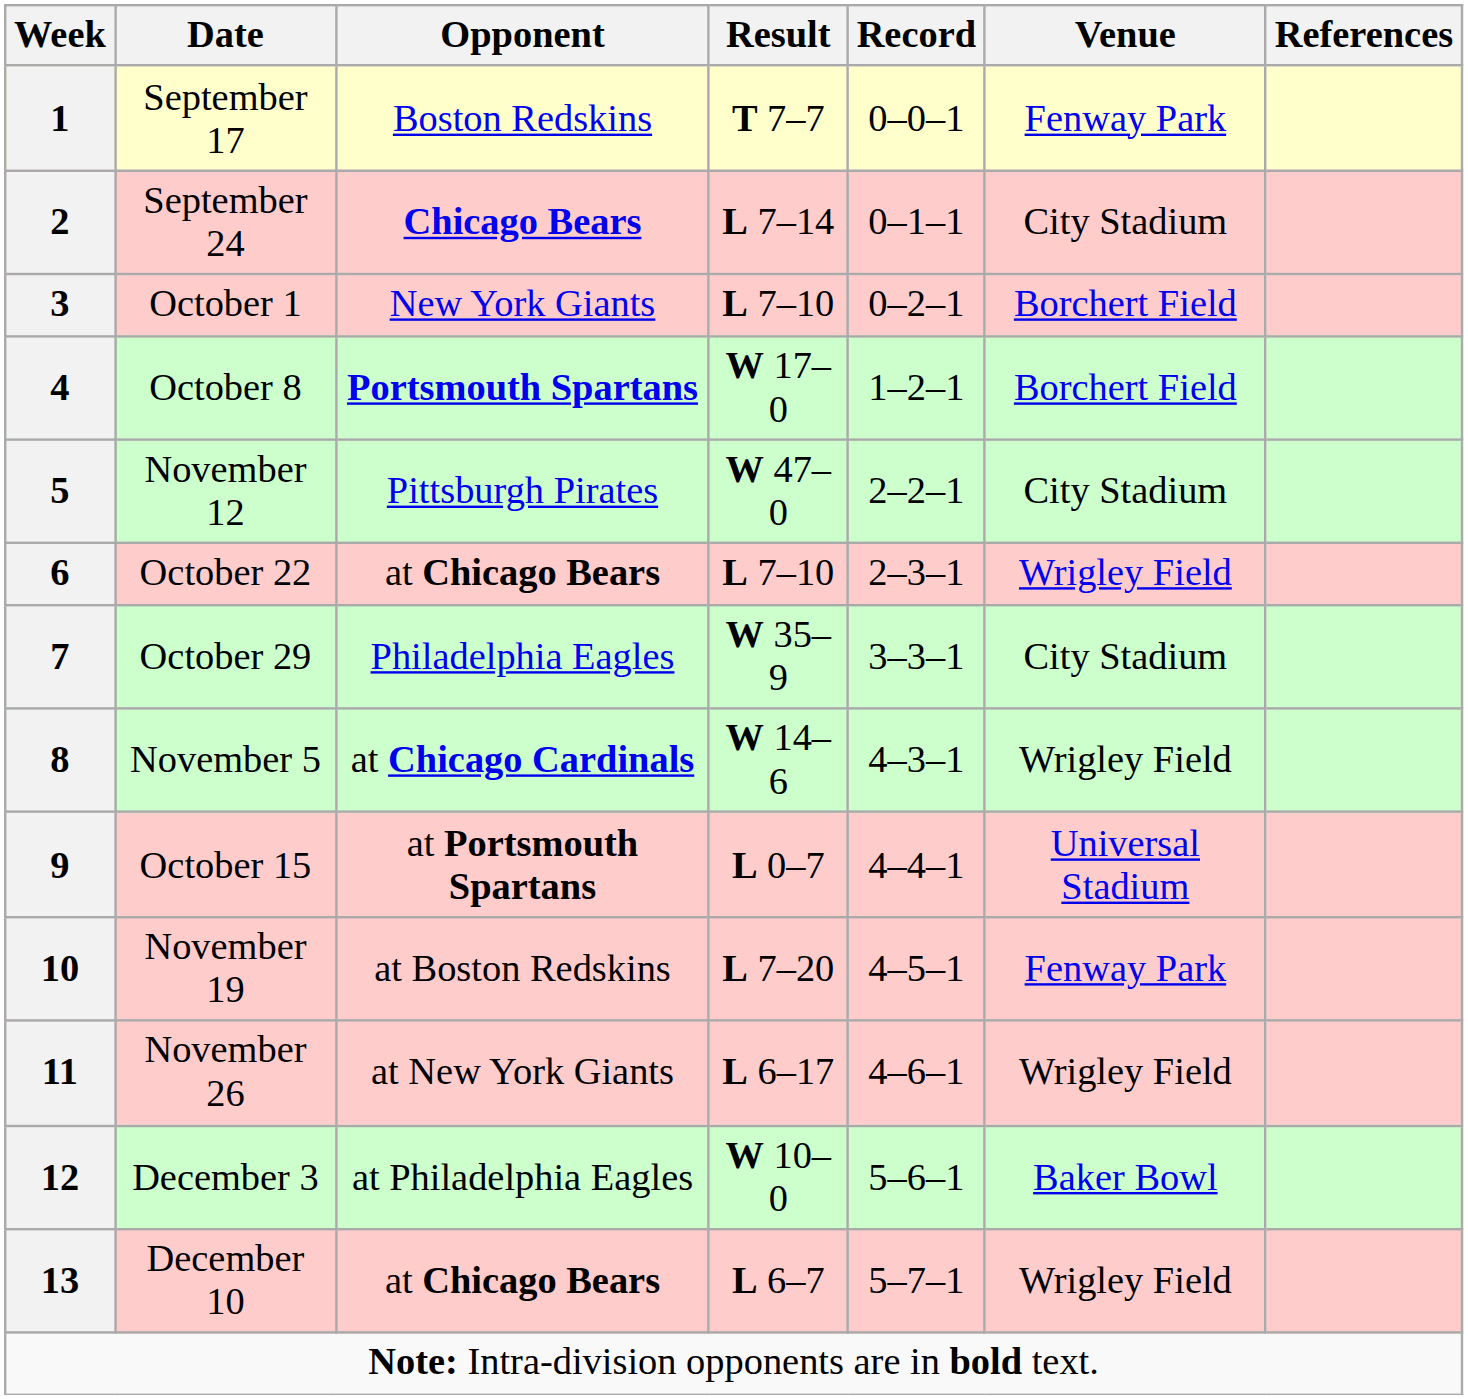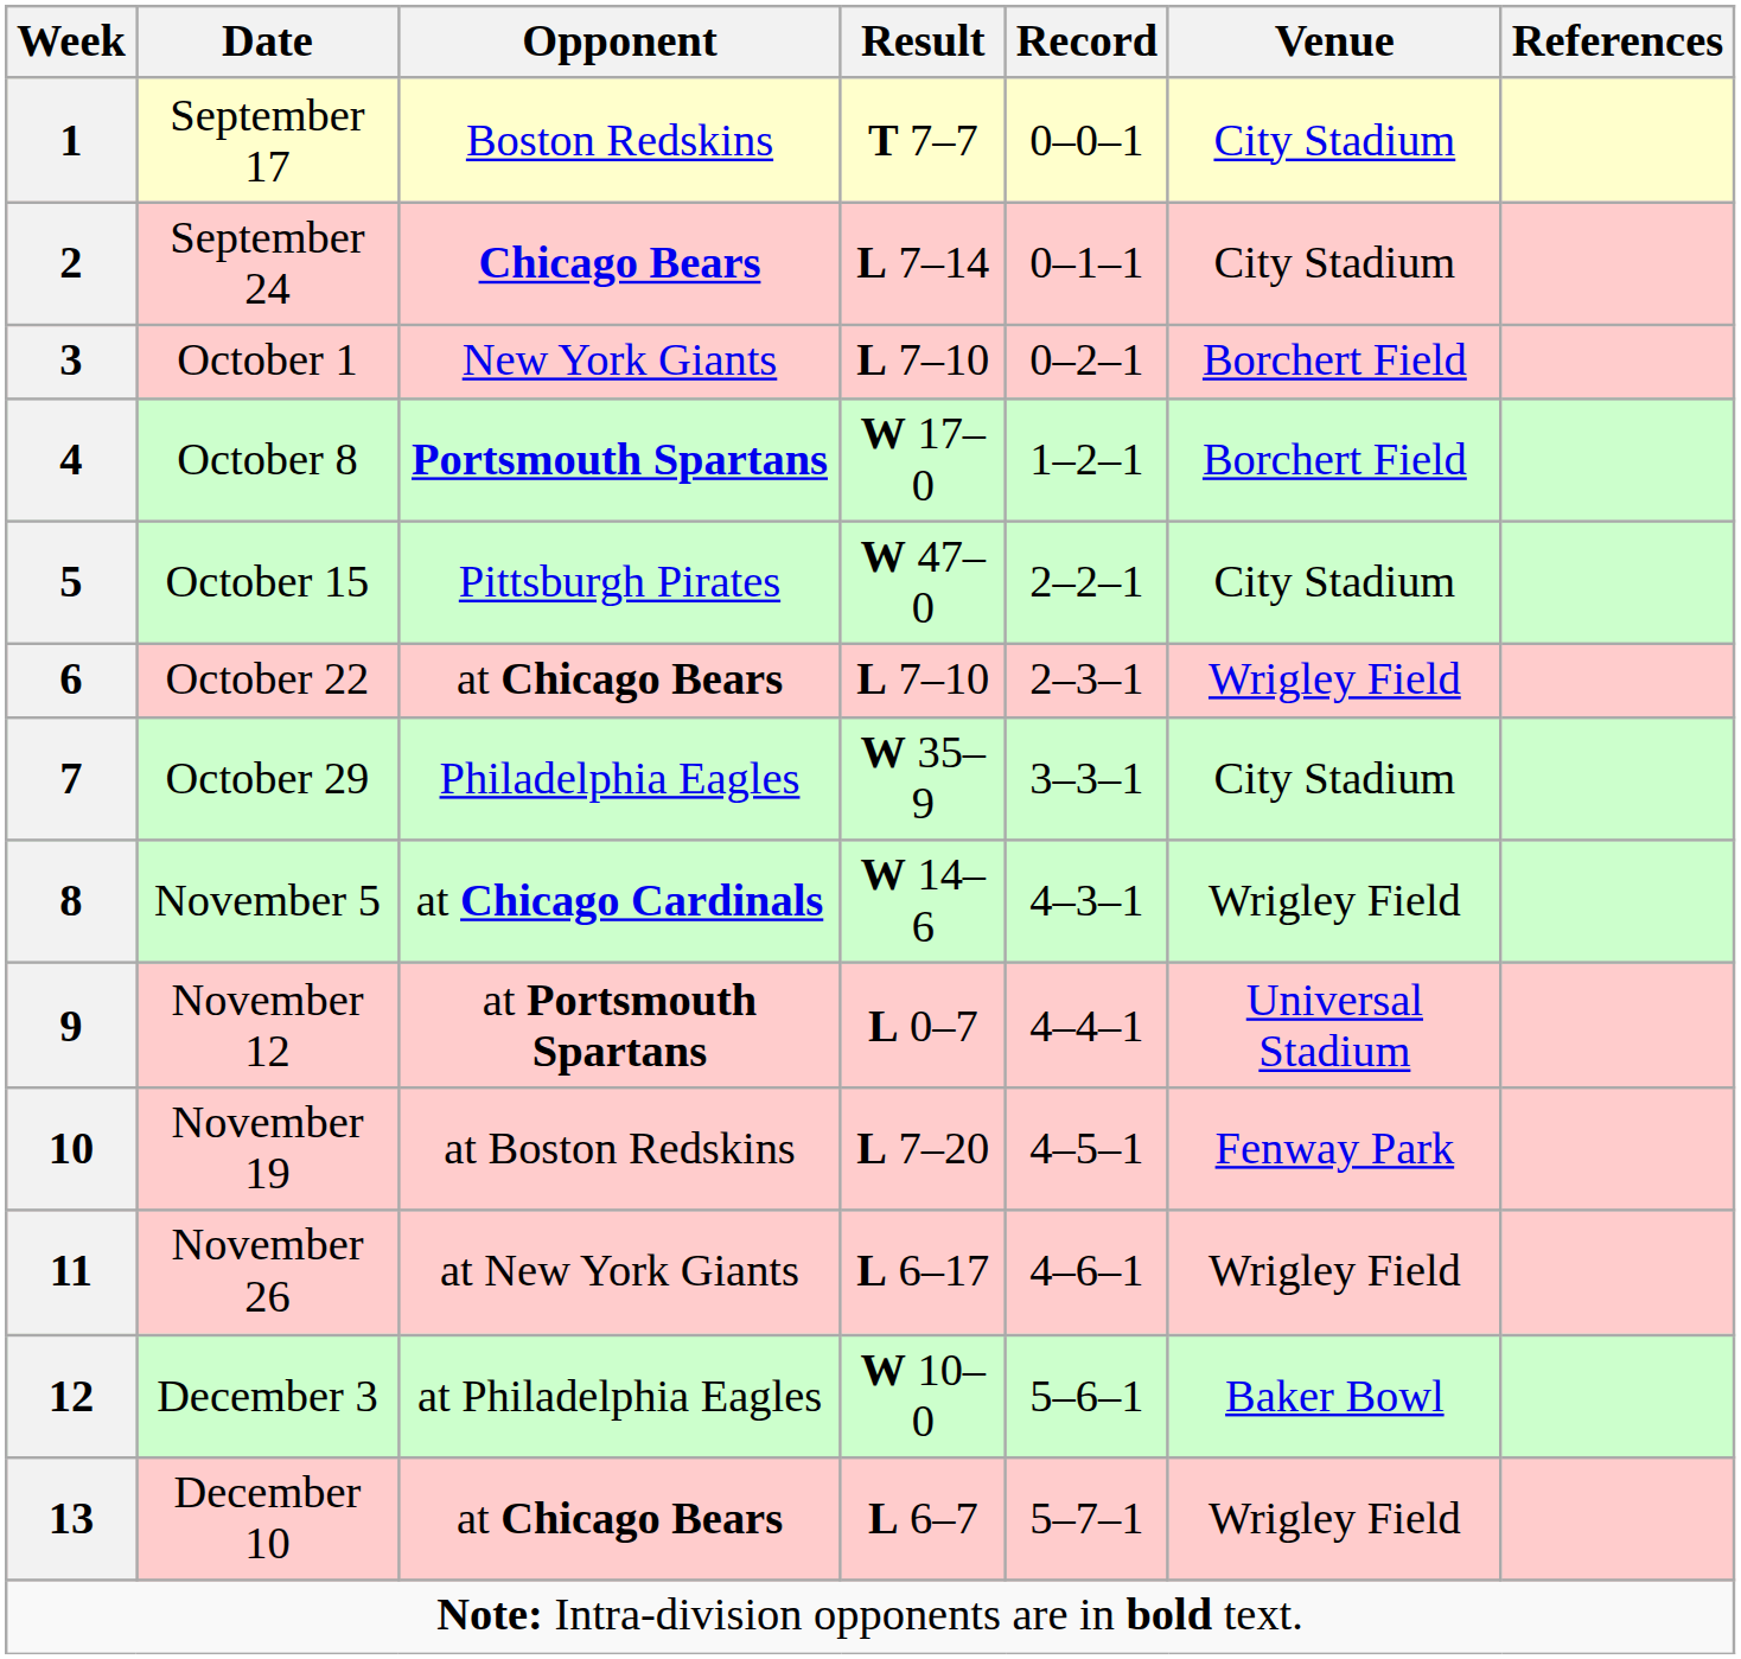 <table class="wikitable" style="text-align:center">
 <tr>
 <th>Week</th>
 <th>Date</th>
 <th>Opponent</th>
 <th>Result</th>
 <th>Record</th>
 <th>Venue</th>
 <th>References</th>
 </tr>
 <tr style="background:#ffc">
 <th>1</th>
 <td>September 17</td>
 <td><a href='#'>Boston Redskins</a></td>
 <td><strong>T</strong> 7–7</td>
 <td>0–0–1</td>
-<td><a href='#'>Fenway Park</a></td>
+<td><a href='#'>City Stadium</a></td>
 <td></td>
 </tr>
 <tr style="background:#fcc">
 <th>2</th>
 <td>September 24</td>
 <td><strong><a href='#'>Chicago Bears</a></strong></td>
 <td><strong>L</strong> 7–14</td>
 <td>0–1–1</td>
 <td>City Stadium</td>
 <td></td>
 </tr>
 <tr style="background:#fcc">
 <th>3</th>
 <td>October 1</td>
 <td><a href='#'>New York Giants</a></td>
 <td><strong>L</strong> 7–10</td>
 <td>0–2–1</td>
 <td><a href='#'>Borchert Field</a></td>
 <td></td>
 </tr>
 <tr style="background:#cfc">
 <th>4</th>
 <td>October 8</td>
 <td><strong><a href='#'>Portsmouth Spartans</a></strong></td>
 <td><strong>W</strong> 17–0</td>
 <td>1–2–1</td>
 <td><a href='#'>Borchert Field</a></td>
 <td></td>
 </tr>
 <tr style="background:#cfc">
 <th>5</th>
-<td>November 12</td>
+<td>October 15</td>
 <td><a href='#'>Pittsburgh Pirates</a></td>
 <td><strong>W</strong> 47–0</td>
 <td>2–2–1</td>
 <td>City Stadium</td>
 <td></td>
 </tr>
 <tr style="background:#fcc">
 <th>6</th>
 <td>October 22</td>
 <td>at <strong>Chicago Bears</strong></td>
 <td><strong>L</strong> 7–10</td>
 <td>2–3–1</td>
 <td><a href='#'>Wrigley Field</a></td>
 <td></td>
 </tr>
 <tr style="background:#cfc">
 <th>7</th>
 <td>October 29</td>
 <td><a href='#'>Philadelphia Eagles</a></td>
 <td><strong>W</strong> 35–9</td>
 <td>3–3–1</td>
 <td>City Stadium</td>
 <td></td>
 </tr>
 <tr style="background:#cfc">
 <th>8</th>
 <td>November 5</td>
 <td>at <strong><a href='#'>Chicago Cardinals</a></strong></td>
 <td><strong>W</strong> 14–6</td>
 <td>4–3–1</td>
 <td>Wrigley Field</td>
 <td></td>
 </tr>
 <tr style="background:#fcc">
 <th>9</th>
-<td>October 15</td>
+<td>November 12</td>
 <td>at <strong>Portsmouth Spartans</strong></td>
 <td><strong>L</strong> 0–7</td>
 <td>4–4–1</td>
 <td><a href='#'>Universal Stadium</a></td>
 <td></td>
 </tr>
 <tr style="background:#fcc">
 <th>10</th>
 <td>November 19</td>
 <td>at Boston Redskins</td>
 <td><strong>L</strong> 7–20</td>
 <td>4–5–1</td>
 <td><a href='#'>Fenway Park</a></td>
 <td></td>
 </tr>
 <tr style="background:#fcc">
 <th>11</th>
 <td>November 26</td>
 <td>at New York Giants</td>
 <td><strong>L</strong> 6–17</td>
 <td>4–6–1</td>
 <td>Wrigley Field</td>
 <td></td>
 </tr>
 <tr style="background:#cfc">
 <th>12</th>
 <td>December 3</td>
 <td>at Philadelphia Eagles</td>
 <td><strong>W</strong> 10–0</td>
 <td>5–6–1</td>
 <td><a href='#'>Baker Bowl</a></td>
 <td></td>
 </tr>
 <tr style="background:#fcc">
 <th>13</th>
 <td>December 10</td>
 <td>at <strong>Chicago Bears</strong></td>
 <td><strong>L</strong> 6–7</td>
 <td>5–7–1</td>
 <td>Wrigley Field</td>
 <td></td>
 </tr>
 <tr>
 <td colspan="8"><strong>Note:</strong> Intra-division opponents are in <strong>bold</strong> text.</td>
 </tr>
 </table>
